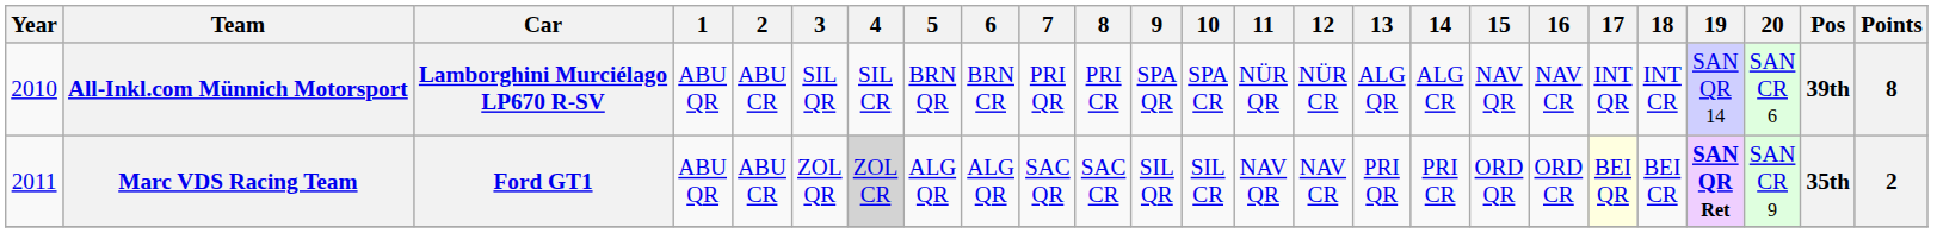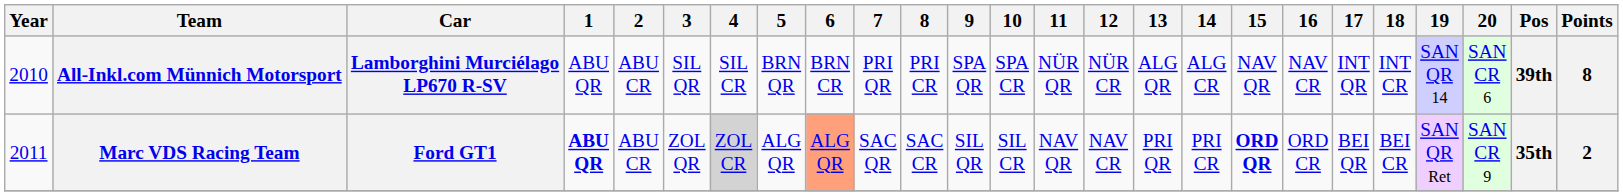 <table class="wikitable" border="1" style="text-align:center; font-size:85%;">
 <tr>
 <th>Year</th>
 <th>Team</th>
 <th>Car</th>
 <th>1</th>
 <th>2</th>
 <th>3</th>
 <th>4</th>
 <th>5</th>
 <th>6</th>
 <th>7</th>
 <th>8</th>
 <th>9</th>
 <th>10</th>
 <th>11</th>
 <th>12</th>
 <th>13</th>
 <th>14</th>
 <th>15</th>
 <th>16</th>
 <th>17</th>
 <th>18</th>
 <th>19</th>
 <th>20</th>
 <th>Pos</th>
 <th>Points</th>
 </tr>
 <tr>
 <td><a href='#'>2010</a></td>
 <th nowrap><a href='#'>All-Inkl.com Münnich Motorsport</a></th>
 <th nowrap><a href='#'>Lamborghini Murciélago<br>LP670 R-SV</a></th>
 <td><a href='#'>ABU<br>QR</a></td>
 <td><a href='#'>ABU<br>CR</a></td>
 <td><a href='#'>SIL<br>QR</a></td>
 <td><a href='#'>SIL<br>CR</a></td>
 <td><a href='#'>BRN<br>QR</a></td>
 <td><a href='#'>BRN<br>CR</a></td>
 <td><a href='#'>PRI<br>QR</a></td>
 <td><a href='#'>PRI<br>CR</a></td>
 <td><a href='#'>SPA<br>QR</a></td>
 <td><a href='#'>SPA<br>CR</a></td>
 <td><a href='#'>NÜR<br>QR</a></td>
 <td><a href='#'>NÜR<br>CR</a></td>
 <td><a href='#'>ALG<br>QR</a></td>
 <td><a href='#'>ALG<br>CR</a></td>
 <td><a href='#'>NAV<br>QR</a></td>
 <td><a href='#'>NAV<br>CR</a></td>
 <td><a href='#'>INT<br>QR</a></td>
 <td><a href='#'>INT<br>CR</a></td>
 <td style="background:#CFCFFF;"><a href='#'>SAN<br>QR</a><br><small>14<br></small></td>
 <td style="background:#DFFFDF;"><a href='#'>SAN<br>CR</a><br><small>6<br></small></td>
 <th>39th</th>
 <th>8</th>
 </tr>
 <tr>
 <td><a href='#'>2011</a></td>
 <th nowrap><a href='#'>Marc VDS Racing Team</a></th>
 <th nowrap><a href='#'>Ford GT1</a></th>
-<td><a href='#'>ABU<br>QR</a></td>
+<td><strong><a href='#'>ABU<br>QR</a></strong></td>
 <td><a href='#'>ABU<br>CR</a></td>
 <td><a href='#'>ZOL<br>QR</a></td>
 <td style="background: lightgrey;"><a href='#'>ZOL<br>CR</a></td>
 <td><a href='#'>ALG<br>QR</a></td>
-<td><a href='#'>ALG<br>QR</a></td>
+<td style="background: lightsalmon;"><a href='#'>ALG<br>QR</a></td>
 <td><a href='#'>SAC<br>QR</a></td>
 <td><a href='#'>SAC<br>CR</a></td>
 <td><a href='#'>SIL<br>QR</a></td>
 <td><a href='#'>SIL<br>CR</a></td>
 <td><a href='#'>NAV<br>QR</a></td>
 <td><a href='#'>NAV<br>CR</a></td>
 <td><a href='#'>PRI<br>QR</a></td>
 <td><a href='#'>PRI<br>CR</a></td>
-<td><a href='#'>ORD<br>QR</a></td>
+<td><strong><a href='#'>ORD<br>QR</a></strong></td>
 <td><a href='#'>ORD<br>CR</a></td>
-<td style="background: lightyellow;"><a href='#'>BEI<br>QR</a></td>
+<td><a href='#'>BEI<br>QR</a></td>
 <td><a href='#'>BEI<br>CR</a></td>
-<td style="background:#EFCFFF;"><strong><a href='#'>SAN<br>QR</a><br><small>Ret<br></small></strong></td>
+<td style="background:#EFCFFF;"><a href='#'>SAN<br>QR</a><br><small>Ret<br></small></td>
 <td style="background:#DFFFDF;"><a href='#'>SAN<br>CR</a><br><small>9<br></small></td>
 <th>35th</th>
 <th>2</th>
 </tr>
 <tr>
 </tr>
 </table>
